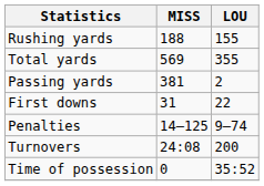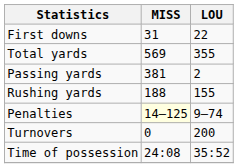 <table class="wikitable" style="float: left;">
 <tr>
 <th>Statistics</th>
 <th>MISS</th>
 <th>LOU</th>
 </tr>
 <tr>
-<td>Rushing yards</td>
-<td>188</td>
-<td>155</td>
+<td>First downs</td>
+<td>31</td>
+<td>22</td>
 </tr>
 <tr>
 <td>Total yards</td>
 <td>569</td>
 <td>355</td>
 </tr>
 <tr>
 <td>Passing yards</td>
 <td>381</td>
 <td>2</td>
 </tr>
 <tr>
-<td>First downs</td>
-<td>31</td>
-<td>22</td>
+<td>Rushing yards</td>
+<td>188</td>
+<td>155</td>
 </tr>
 <tr>
 <td>Penalties</td>
-<td>14–125</td>
+<td style="background: lightyellow;">14–125</td>
 <td>9–74</td>
 </tr>
 <tr>
 <td>Turnovers</td>
-<td>24:08</td>
+<td>0</td>
 <td>200</td>
 </tr>
 <tr>
 <td>Time of possession</td>
-<td>0</td>
+<td>24:08</td>
 <td>35:52</td>
 </tr>
 <tr>
 </tr>
 </table>
